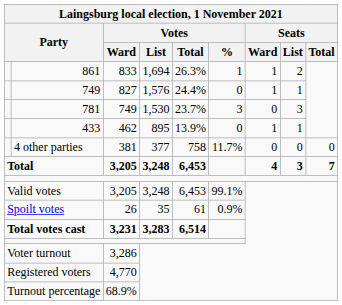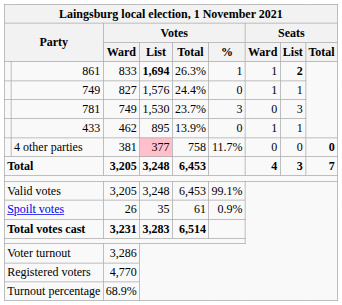 <table class=wikitable style="text-align:right">
 <tr>
 <th colspan="9" align="center">Laingsburg local election, 1 November 2021</th>
 </tr>
 <tr>
 <th rowspan="2" colspan="2">Party</th>
 <th colspan="4" align="center">Votes</th>
 <th colspan="3" align="center">Seats</th>
 </tr>
 <tr>
 <th>Ward</th>
 <th>List</th>
 <th>Total</th>
 <th>%</th>
 <th>Ward</th>
 <th>List</th>
 <th>Total</th>
 </tr>
 <tr>
 <td></td>
 <td>861</td>
 <td>833</td>
-<td>1,694</td>
+<td><strong>1,694</strong></td>
 <td>26.3%</td>
 <td>1</td>
 <td>1</td>
-<td>2</td>
+<td><strong>2</strong></td>
 </tr>
 <tr>
 <td></td>
 <td>749</td>
 <td>827</td>
 <td>1,576</td>
 <td>24.4%</td>
 <td>0</td>
 <td>1</td>
 <td>1</td>
 </tr>
 <tr>
 <td></td>
 <td>781</td>
 <td>749</td>
 <td>1,530</td>
 <td>23.7%</td>
 <td>3</td>
 <td>0</td>
 <td>3</td>
 </tr>
 <tr>
 <td></td>
 <td>433</td>
 <td>462</td>
 <td>895</td>
 <td>13.9%</td>
 <td>0</td>
 <td>1</td>
 <td>1</td>
 </tr>
 <tr>
 <td></td>
 <td style="text-align:left">4 other parties</td>
 <td>381</td>
-<td>377</td>
+<td style="background: pink;">377</td>
 <td>758</td>
 <td>11.7%</td>
 <td>0</td>
 <td>0</td>
-<td>0</td>
+<td><strong>0</strong></td>
 </tr>
 <tr>
 <td colspan="2" style="text-align:left"><strong>Total</strong></td>
 <td><strong>3,205</strong></td>
 <td><strong>3,248</strong></td>
 <td><strong>6,453</strong></td>
 <td></td>
 <td><strong>4</strong></td>
 <td><strong>3</strong></td>
 <td><strong>7</strong></td>
 </tr>
 <tr>
 <td colspan="9"></td>
 </tr>
 <tr>
 <td colspan="2" style="text-align:left">Valid votes</td>
 <td>3,205</td>
 <td>3,248</td>
 <td>6,453</td>
 <td>99.1%</td>
 </tr>
 <tr>
 <td colspan="2" style="text-align:left"><a href='#'>Spoilt votes</a></td>
 <td>26</td>
 <td>35</td>
 <td>61</td>
 <td>0.9%</td>
 </tr>
 <tr>
 <td colspan="2" style="text-align:left"><strong>Total votes cast</strong></td>
 <td><strong>3,231</strong></td>
 <td><strong>3,283</strong></td>
 <td><strong>6,514</strong></td>
 <td></td>
 </tr>
 <tr>
 <td colspan="6"></td>
 </tr>
 <tr>
 <td colspan="2" style="text-align:left">Voter turnout</td>
 <td>3,286</td>
 </tr>
 <tr>
 <td colspan="2" style="text-align:left">Registered voters</td>
 <td>4,770</td>
 </tr>
 <tr>
 <td colspan="2" style="text-align:left">Turnout percentage</td>
 <td>68.9%</td>
 </tr>
 </table>
